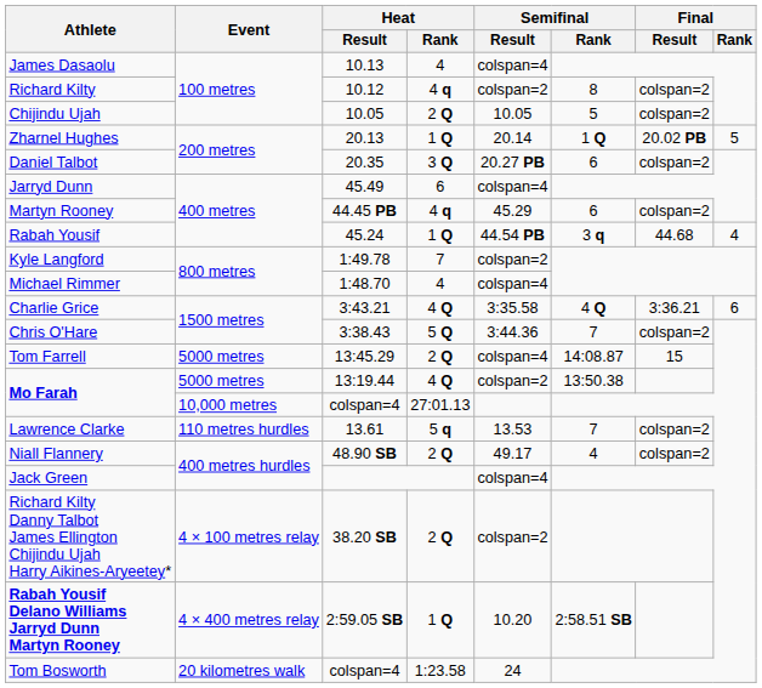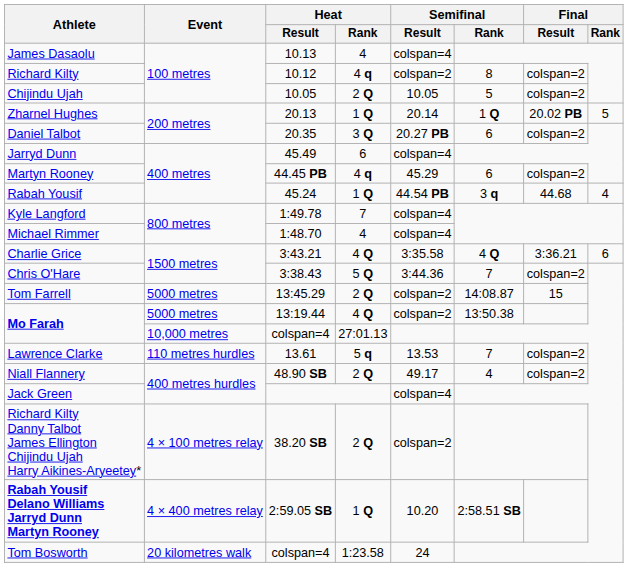 <table class="wikitable" style="font-size:90%">
 <tr>
 <th rowspan="2">Athlete</th>
 <th rowspan="2">Event</th>
 <th colspan="2">Heat</th>
 <th colspan="2">Semifinal</th>
 <th colspan="2">Final</th>
 </tr>
 <tr style="font-size:95%">
 <th>Result</th>
 <th>Rank</th>
 <th>Result</th>
 <th>Rank</th>
 <th>Result</th>
 <th>Rank</th>
 </tr>
 <tr style=text-align:center>
 <td style=text-align:left><a href='#'>James Dasaolu</a></td>
 <td style=text-align:left rowspan=3><a href='#'>100 metres</a></td>
 <td>10.13</td>
 <td>4</td>
 <td>colspan=4</td>
 </tr>
 <tr style=text-align:center>
 <td style=text-align:left><a href='#'>Richard Kilty</a></td>
 <td>10.12</td>
 <td>4 <strong>q</strong></td>
 <td>colspan=2 </td>
 <td>8</td>
 <td>colspan=2</td>
 </tr>
 <tr style=text-align:center>
 <td style=text-align:left><a href='#'>Chijindu Ujah</a></td>
 <td>10.05</td>
 <td>2 <strong>Q</strong></td>
 <td>10.05</td>
 <td>5</td>
 <td>colspan=2</td>
 </tr>
 <tr style=text-align:center>
 <td style=text-align:left><a href='#'>Zharnel Hughes</a></td>
 <td style=text-align:left rowspan=2><a href='#'>200 metres</a></td>
 <td>20.13</td>
 <td>1 <strong>Q</strong></td>
 <td>20.14</td>
 <td>1 <strong>Q</strong></td>
 <td>20.02 <strong>PB</strong></td>
 <td>5</td>
 </tr>
 <tr style=text-align:center>
 <td style=text-align:left><a href='#'>Daniel Talbot</a></td>
 <td>20.35</td>
 <td>3 <strong>Q</strong></td>
 <td>20.27 <strong>PB</strong></td>
 <td>6</td>
 <td>colspan=2 </td>
 </tr>
 <tr style=text-align:center>
 <td style=text-align:left><a href='#'>Jarryd Dunn</a></td>
 <td style=text-align:left rowspan=3><a href='#'>400 metres</a></td>
 <td>45.49</td>
 <td>6</td>
 <td>colspan=4 </td>
 </tr>
 <tr style=text-align:center>
 <td style=text-align:left><a href='#'>Martyn Rooney</a></td>
 <td>44.45 <strong>PB</strong></td>
 <td>4 <strong>q</strong></td>
 <td>45.29</td>
 <td>6</td>
 <td>colspan=2</td>
 </tr>
 <tr style=text-align:center>
 <td style=text-align:left><a href='#'>Rabah Yousif</a></td>
 <td>45.24</td>
 <td>1 <strong>Q</strong></td>
 <td>44.54 <strong>PB</strong></td>
 <td>3 <strong>q</strong></td>
 <td>44.68</td>
 <td>4</td>
 </tr>
 <tr style=text-align:center>
 <td style=text-align:left><a href='#'>Kyle Langford</a></td>
 <td style=text-align:left rowspan=2><a href='#'>800 metres</a></td>
 <td>1:49.78</td>
 <td>7</td>
-<td>colspan=2 </td>
+<td>colspan=4</td>
 </tr>
 <tr style=text-align:center>
 <td style=text-align:left><a href='#'>Michael Rimmer</a></td>
 <td>1:48.70</td>
 <td>4</td>
 <td>colspan=4</td>
 </tr>
 <tr style=text-align:center>
 <td style=text-align:left><a href='#'>Charlie Grice</a></td>
 <td style=text-align:left rowspan=2><a href='#'>1500 metres</a></td>
 <td>3:43.21</td>
 <td>4 <strong>Q</strong></td>
 <td>3:35.58</td>
 <td>4 <strong>Q</strong></td>
 <td>3:36.21</td>
 <td>6</td>
 </tr>
 <tr style=text-align:center>
 <td style=text-align:left><a href='#'>Chris O'Hare</a></td>
 <td>3:38.43</td>
 <td>5 <strong>Q</strong></td>
 <td>3:44.36</td>
 <td>7</td>
 <td>colspan=2</td>
 </tr>
 <tr style=text-align:center>
 <td style=text-align:left><a href='#'>Tom Farrell</a></td>
 <td style=text-align:left><a href='#'>5000 metres</a></td>
 <td>13:45.29</td>
 <td>2 <strong>Q</strong></td>
-<td>colspan=4</td>
+<td>colspan=2 </td>
 <td>14:08.87</td>
 <td>15</td>
 </tr>
 <tr style=text-align:center>
 <td style=text-align:left rowspan=2><strong><a href='#'>Mo Farah</a></strong></td>
 <td style=text-align:left><a href='#'>5000 metres</a></td>
 <td>13:19.44</td>
 <td>4 <strong>Q</strong></td>
 <td>colspan=2 </td>
 <td>13:50.38</td>
 <td></td>
 </tr>
 <tr style=text-align:center>
 <td style=text-align:left><a href='#'>10,000 metres</a></td>
 <td>colspan=4 </td>
 <td>27:01.13</td>
 <td></td>
 </tr>
 <tr style=text-align:center>
 <td style=text-align:left><a href='#'>Lawrence Clarke</a></td>
 <td style=text-align:left><a href='#'>110 metres hurdles</a></td>
 <td>13.61</td>
 <td>5 <strong>q</strong></td>
 <td>13.53</td>
 <td>7</td>
 <td>colspan=2</td>
 </tr>
 <tr style=text-align:center>
 <td style=text-align:left><a href='#'>Niall Flannery</a></td>
 <td style=text-align:left rowspan=2><a href='#'>400 metres hurdles</a></td>
 <td>48.90 <strong>SB</strong></td>
 <td>2 <strong>Q</strong></td>
 <td>49.17</td>
 <td>4</td>
 <td>colspan=2</td>
 </tr>
 <tr style=text-align:center>
 <td style=text-align:left><a href='#'>Jack Green</a></td>
 <td colspan=2></td>
 <td>colspan=4</td>
 </tr>
 <tr style=text-align:center>
 <td style=text-align:left><a href='#'>Richard Kilty</a><br><a href='#'>Danny Talbot</a><br><a href='#'>James Ellington</a><br><a href='#'>Chijindu Ujah</a><br><a href='#'>Harry Aikines-Aryeetey</a>*</td>
 <td style=text-align:left><a href='#'>4 × 100 metres relay</a></td>
 <td>38.20 <strong>SB</strong></td>
 <td>2 <strong>Q</strong></td>
 <td>colspan=2 </td>
 <td colspan=2></td>
 </tr>
 <tr style=text-align:center>
 <td style=text-align:left><strong><a href='#'>Rabah Yousif</a></strong><br><strong><a href='#'>Delano Williams</a></strong><br><strong><a href='#'>Jarryd Dunn</a></strong><br><strong><a href='#'>Martyn Rooney</a></strong></td>
 <td style=text-align:left><a href='#'>4 × 400 metres relay</a></td>
 <td>2:59.05 <strong>SB</strong></td>
 <td>1 <strong>Q</strong></td>
 <td>10.20</td>
 <td>2:58.51 <strong>SB</strong></td>
 <td></td>
 </tr>
 <tr style=text-align:center>
 <td style=text-align:left><a href='#'>Tom Bosworth</a></td>
 <td style=text-align:left><a href='#'>20 kilometres walk</a></td>
 <td>colspan=4 </td>
 <td>1:23.58</td>
 <td>24</td>
 </tr>
 </table>
